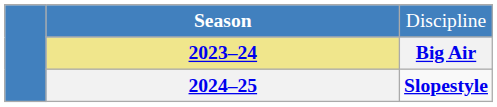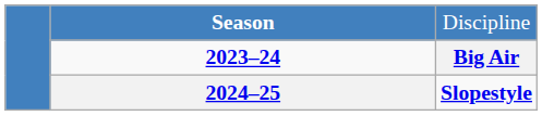 <table class="wikitable"  style="font-size:95%; text-align:center; border:gray solid 1px; width:30%;">
 <tr style="background:#4180be; color:white;">
 <td rowspan="19"></td>
 <td><strong>Season</strong></td>
 <td style="width:10%;">Discipline</td>
 </tr>
 <tr>
-<td style="background: khaki;"><a href='#'><strong>2023–24</strong></a></td>
+<td><a href='#'><strong>2023–24</strong></a></td>
 <th><a href='#'>Big Air</a></th>
 </tr>
 <tr>
 <th><a href='#'>2024–25</a></th>
 <td><a href='#'><strong>Slopestyle</strong></a></td>
 </tr>
 </table>
